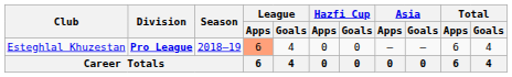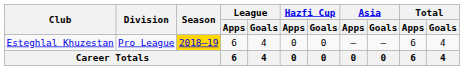 <table class="wikitable" style="text-align: center;">
 <tr>
 <th rowspan="2">Club</th>
 <th rowspan="2">Division</th>
 <th rowspan="2">Season</th>
 <th colspan="2">League</th>
 <th colspan="2"><a href='#'>Hazfi Cup</a></th>
 <th colspan="2"><a href='#'>Asia</a></th>
 <th colspan="2">Total</th>
 </tr>
 <tr>
 <th>Apps</th>
 <th>Goals</th>
 <th>Apps</th>
 <th>Goals</th>
 <th>Apps</th>
 <th>Goals</th>
 <th>Apps</th>
 <th>Goals</th>
 </tr>
 <tr>
 <td rowspan="1"><a href='#'>Esteghlal Khuzestan</a></td>
-<td rowspan="1"><strong><a href='#'>Pro League</a></strong></td>
-<td><a href='#'>2018–19</a></td>
-<td style="background: lightsalmon;">6</td>
+<td rowspan="1"><a href='#'>Pro League</a></td>
+<td style="background: gold;"><a href='#'>2018–19</a></td>
+<td>6</td>
 <td>4</td>
 <td>0</td>
 <td>0</td>
 <td>–</td>
 <td>–</td>
 <td>6</td>
 <td>4</td>
 </tr>
 <tr>
 <th colspan=3>Career Totals</th>
 <th>6</th>
 <th>4</th>
 <th>0</th>
 <th>0</th>
 <th>0</th>
 <th>0</th>
 <th>6</th>
 <th>4</th>
 </tr>
 </table>
